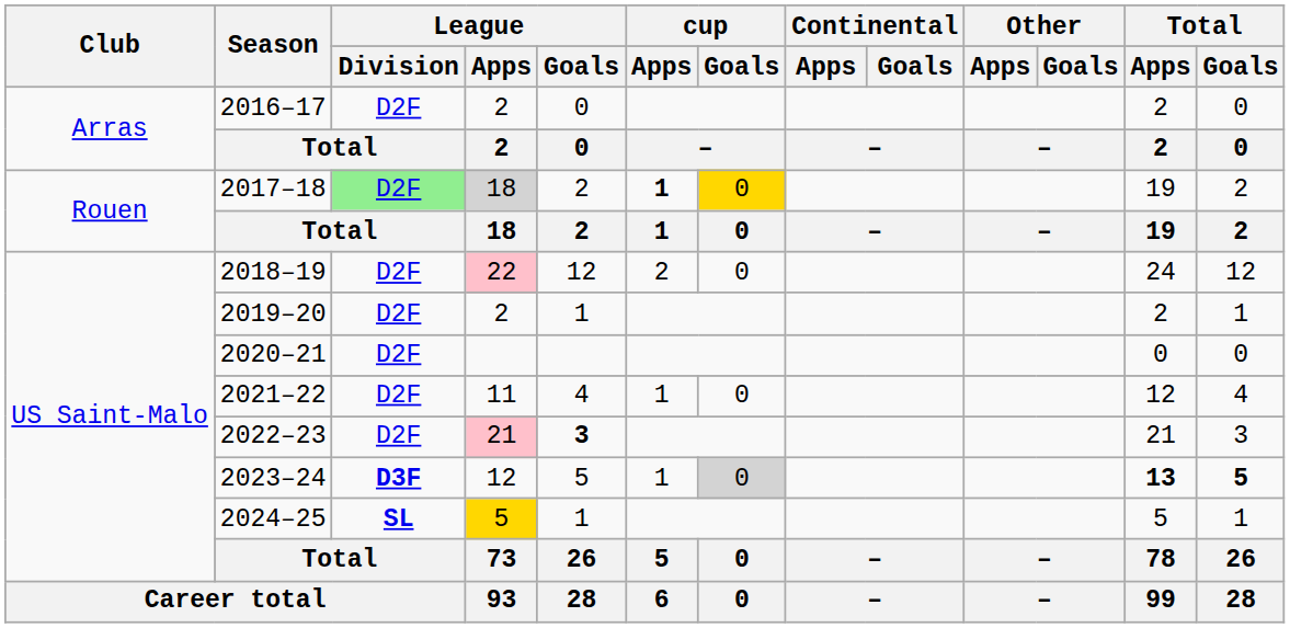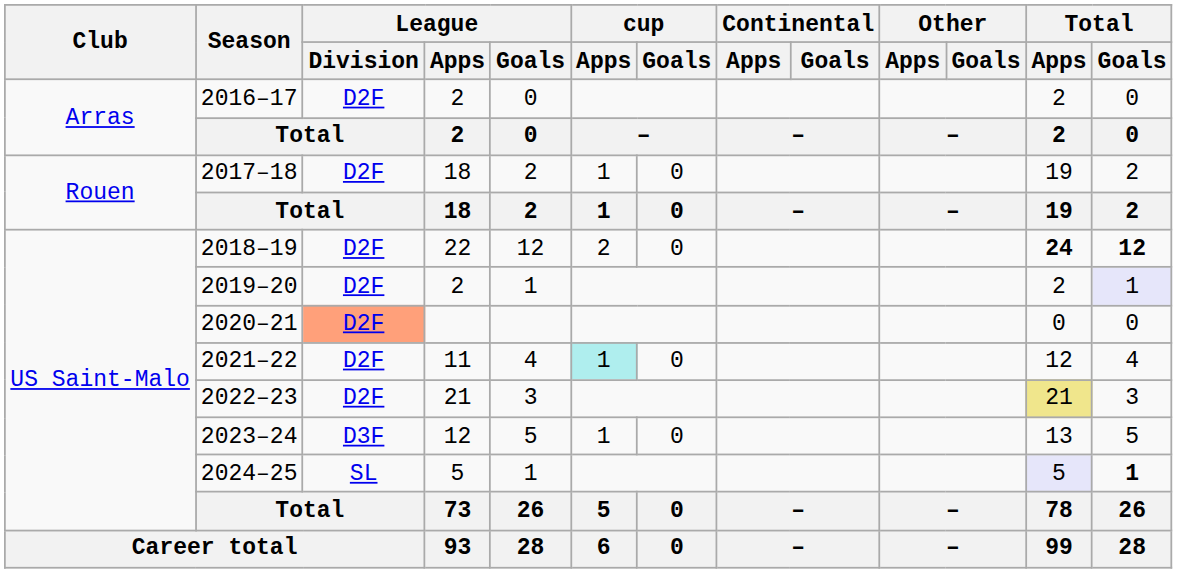 <table class="wikitable" style="text-align: center;">
 <tr>
 <th rowspan="2">Club</th>
 <th rowspan="2">Season</th>
 <th colspan="3">League</th>
 <th colspan="2">cup</th>
 <th colspan="2">Continental</th>
 <th colspan="2">Other</th>
 <th colspan="2">Total</th>
 </tr>
 <tr>
 <th>Division</th>
 <th>Apps</th>
 <th>Goals</th>
 <th>Apps</th>
 <th>Goals</th>
 <th>Apps</th>
 <th>Goals</th>
 <th>Apps</th>
 <th>Goals</th>
 <th>Apps</th>
 <th>Goals</th>
 </tr>
 <tr>
 <td rowspan=2><a href='#'>Arras</a></td>
 <td>2016–17</td>
 <td><a href='#'>D2F</a></td>
 <td>2</td>
 <td>0</td>
 <td colspan=2></td>
 <td colspan=2></td>
 <td colspan=2></td>
 <td>2</td>
 <td>0</td>
 </tr>
 <tr>
 <th colspan="2">Total</th>
 <th>2</th>
 <th>0</th>
 <th colspan=2>–</th>
 <th colspan=2>–</th>
 <th colspan=2>–</th>
 <th>2</th>
 <th>0</th>
 </tr>
 <tr>
 <td rowspan=2><a href='#'>Rouen</a></td>
 <td>2017–18</td>
-<td style="background: lightgreen;"><a href='#'>D2F</a></td>
-<td style="background: lightgrey;">18</td>
+<td><a href='#'>D2F</a></td>
+<td>18</td>
 <td>2</td>
-<td><strong>1</strong></td>
-<td style="background: gold;">0</td>
+<td>1</td>
+<td>0</td>
 <td colspan=2></td>
 <td colspan=2></td>
 <td>19</td>
 <td>2</td>
 </tr>
 <tr>
 <th colspan="2">Total</th>
 <th>18</th>
 <th>2</th>
 <th>1</th>
 <th>0</th>
 <th colspan=2>–</th>
 <th colspan=2>–</th>
 <th>19</th>
 <th>2</th>
 </tr>
 <tr>
 <td rowspan=8><a href='#'>US Saint-Malo</a></td>
 <td>2018–19</td>
 <td><a href='#'>D2F</a></td>
-<td style="background: pink;">22</td>
+<td>22</td>
 <td>12</td>
 <td>2</td>
 <td>0</td>
 <td colspan=2></td>
 <td colspan=2></td>
-<td>24</td>
-<td>12</td>
+<td><strong>24</strong></td>
+<td><strong>12</strong></td>
 </tr>
 <tr>
 <td>2019–20</td>
 <td><a href='#'>D2F</a></td>
 <td>2</td>
 <td>1</td>
 <td colspan=2></td>
 <td colspan=2></td>
 <td colspan=2></td>
 <td>2</td>
-<td>1</td>
+<td style="background: lavender;">1</td>
 </tr>
 <tr>
 <td>2020–21</td>
-<td><a href='#'>D2F</a></td>
+<td style="background: lightsalmon;"><a href='#'>D2F</a></td>
 <td></td>
 <td></td>
 <td colspan=2></td>
 <td colspan=2></td>
 <td colspan=2></td>
 <td>0</td>
 <td>0</td>
 </tr>
 <tr>
 <td>2021–22</td>
 <td><a href='#'>D2F</a></td>
 <td>11</td>
 <td>4</td>
-<td>1</td>
+<td style="background: paleturquoise;">1</td>
 <td>0</td>
 <td colspan=2></td>
 <td colspan=2></td>
 <td>12</td>
 <td>4</td>
 </tr>
 <tr>
 <td>2022–23</td>
 <td><a href='#'>D2F</a></td>
-<td style="background: pink;">21</td>
-<td><strong>3</strong></td>
+<td>21</td>
+<td>3</td>
 <td colspan=2></td>
 <td colspan=2></td>
 <td colspan=2></td>
-<td>21</td>
+<td style="background: khaki;">21</td>
 <td>3</td>
 </tr>
 <tr>
 <td>2023–24</td>
-<td><strong><a href='#'>D3F</a></strong></td>
+<td><a href='#'>D3F</a></td>
 <td>12</td>
 <td>5</td>
 <td>1</td>
-<td style="background: lightgrey;">0</td>
+<td>0</td>
 <td colspan=2></td>
 <td colspan=2></td>
-<td><strong>13</strong></td>
-<td><strong>5</strong></td>
+<td>13</td>
+<td>5</td>
 </tr>
 <tr>
 <td>2024–25</td>
-<td><strong><a href='#'>SL</a></strong></td>
-<td style="background: gold;">5</td>
+<td><a href='#'>SL</a></td>
+<td>5</td>
 <td>1</td>
 <td colspan=2></td>
 <td colspan=2></td>
 <td colspan=2></td>
-<td>5</td>
-<td>1</td>
+<td style="background: lavender;">5</td>
+<td><strong>1</strong></td>
 </tr>
 <tr>
 <th colspan="2">Total</th>
 <th>73</th>
 <th>26</th>
 <th>5</th>
 <th>0</th>
 <th colspan=2>–</th>
 <th colspan=2>–</th>
 <th>78</th>
 <th>26</th>
 </tr>
 <tr>
 <th colspan=3>Career total</th>
 <th>93</th>
 <th>28</th>
 <th>6</th>
 <th>0</th>
 <th colspan=2>–</th>
 <th colspan=2>–</th>
 <th>99</th>
 <th>28</th>
 </tr>
 </table>
